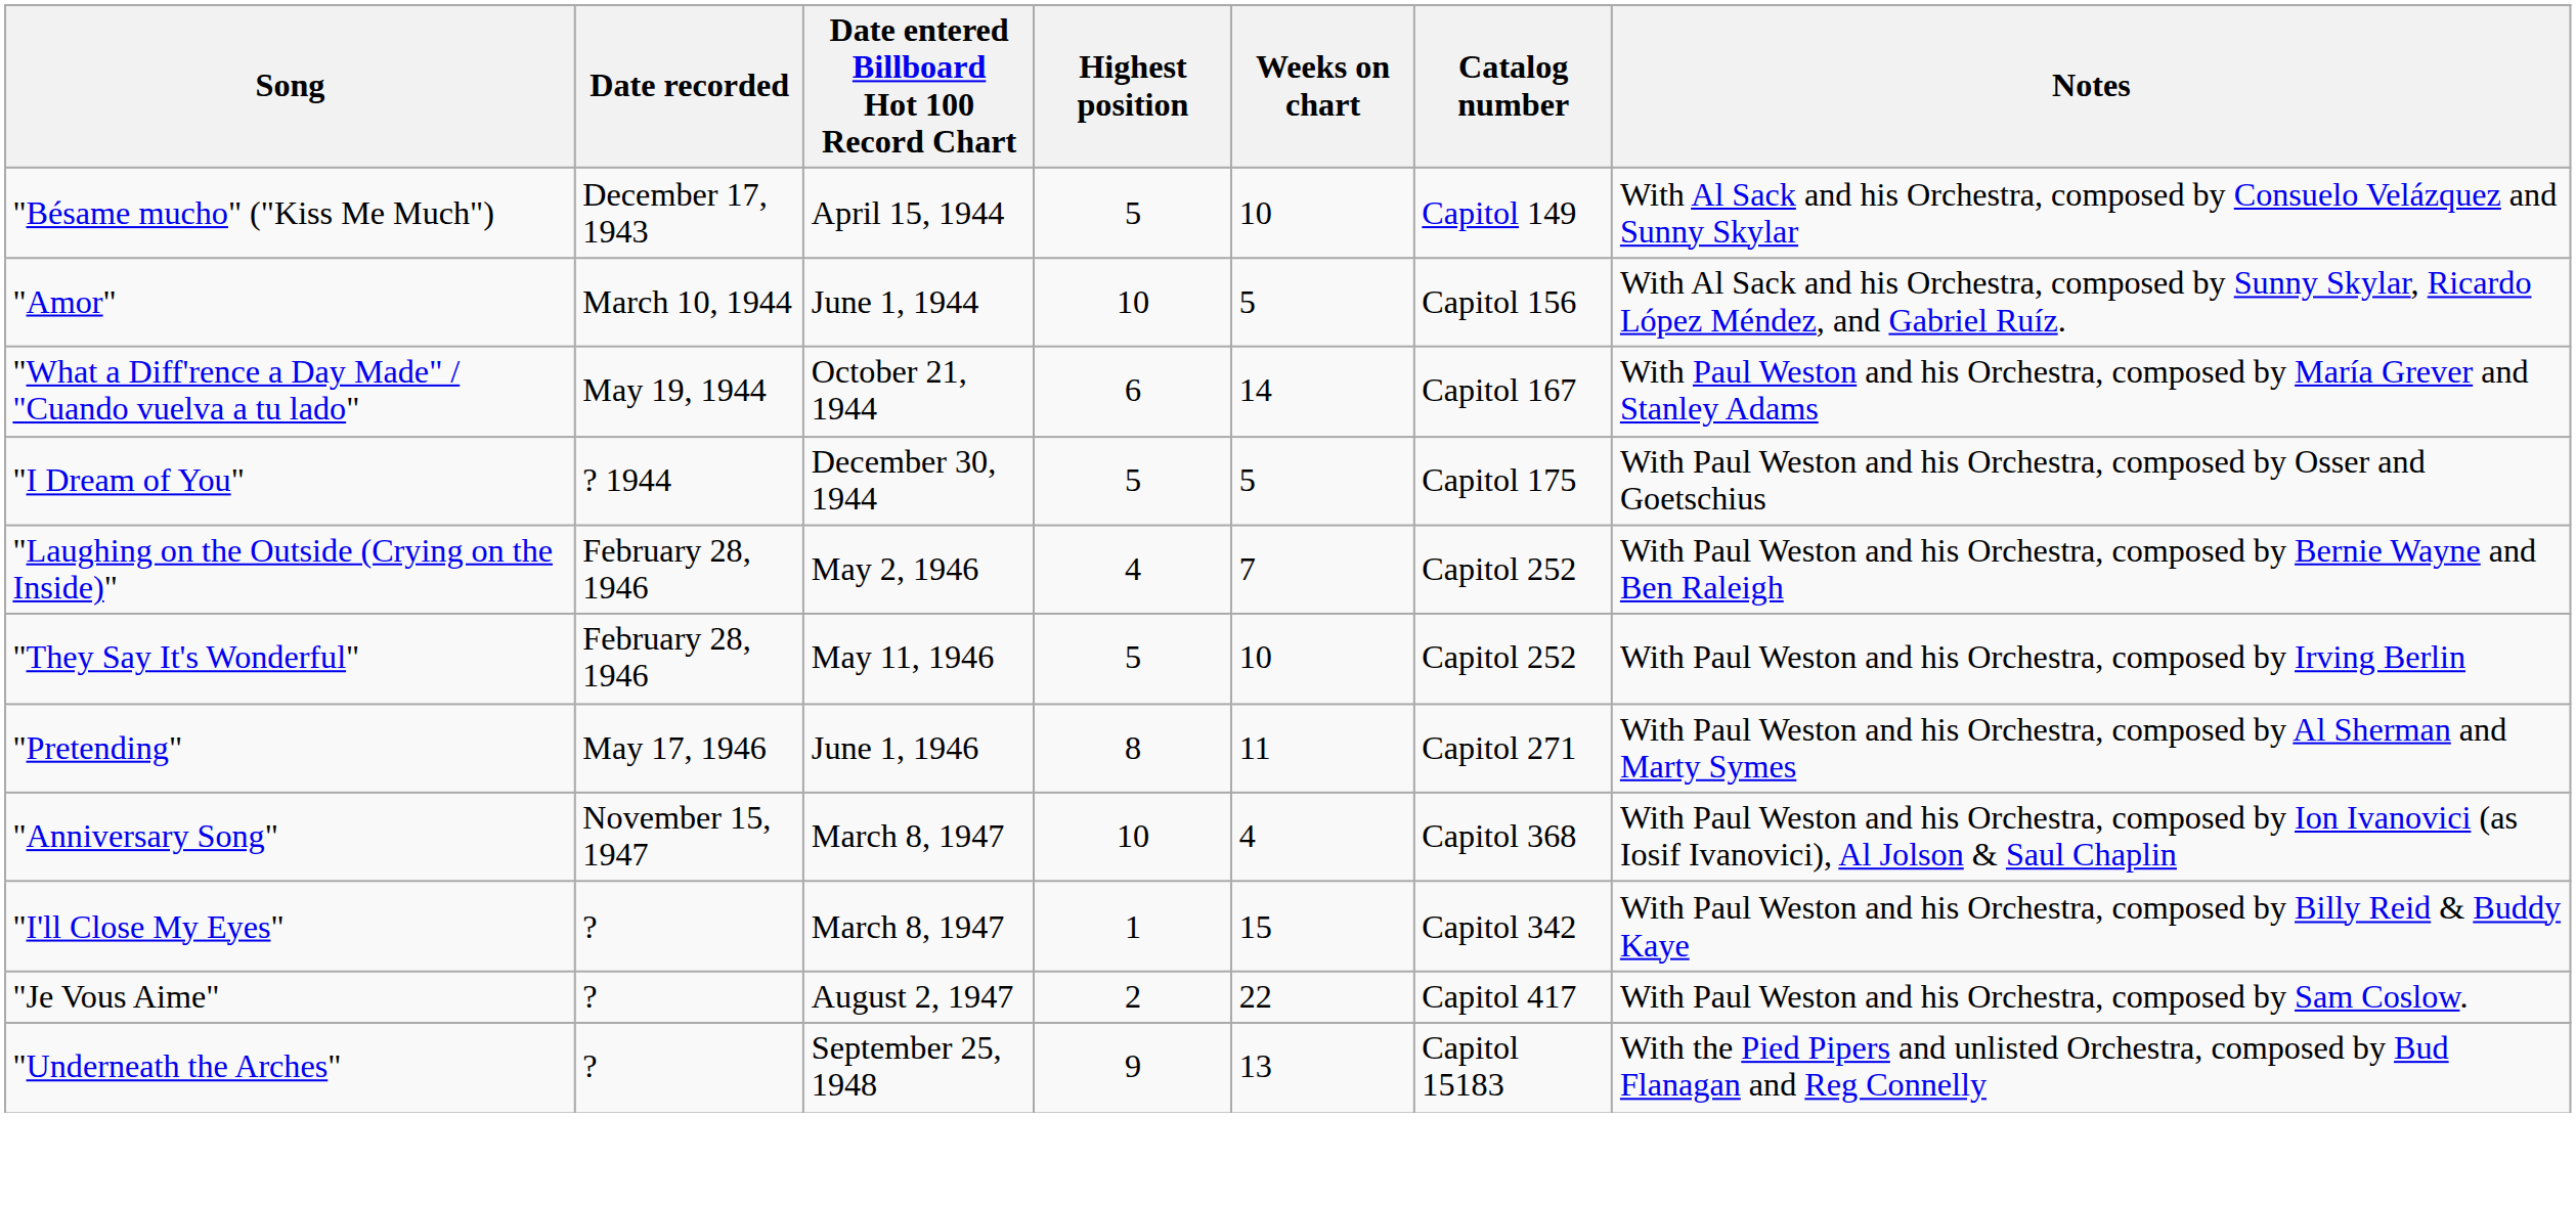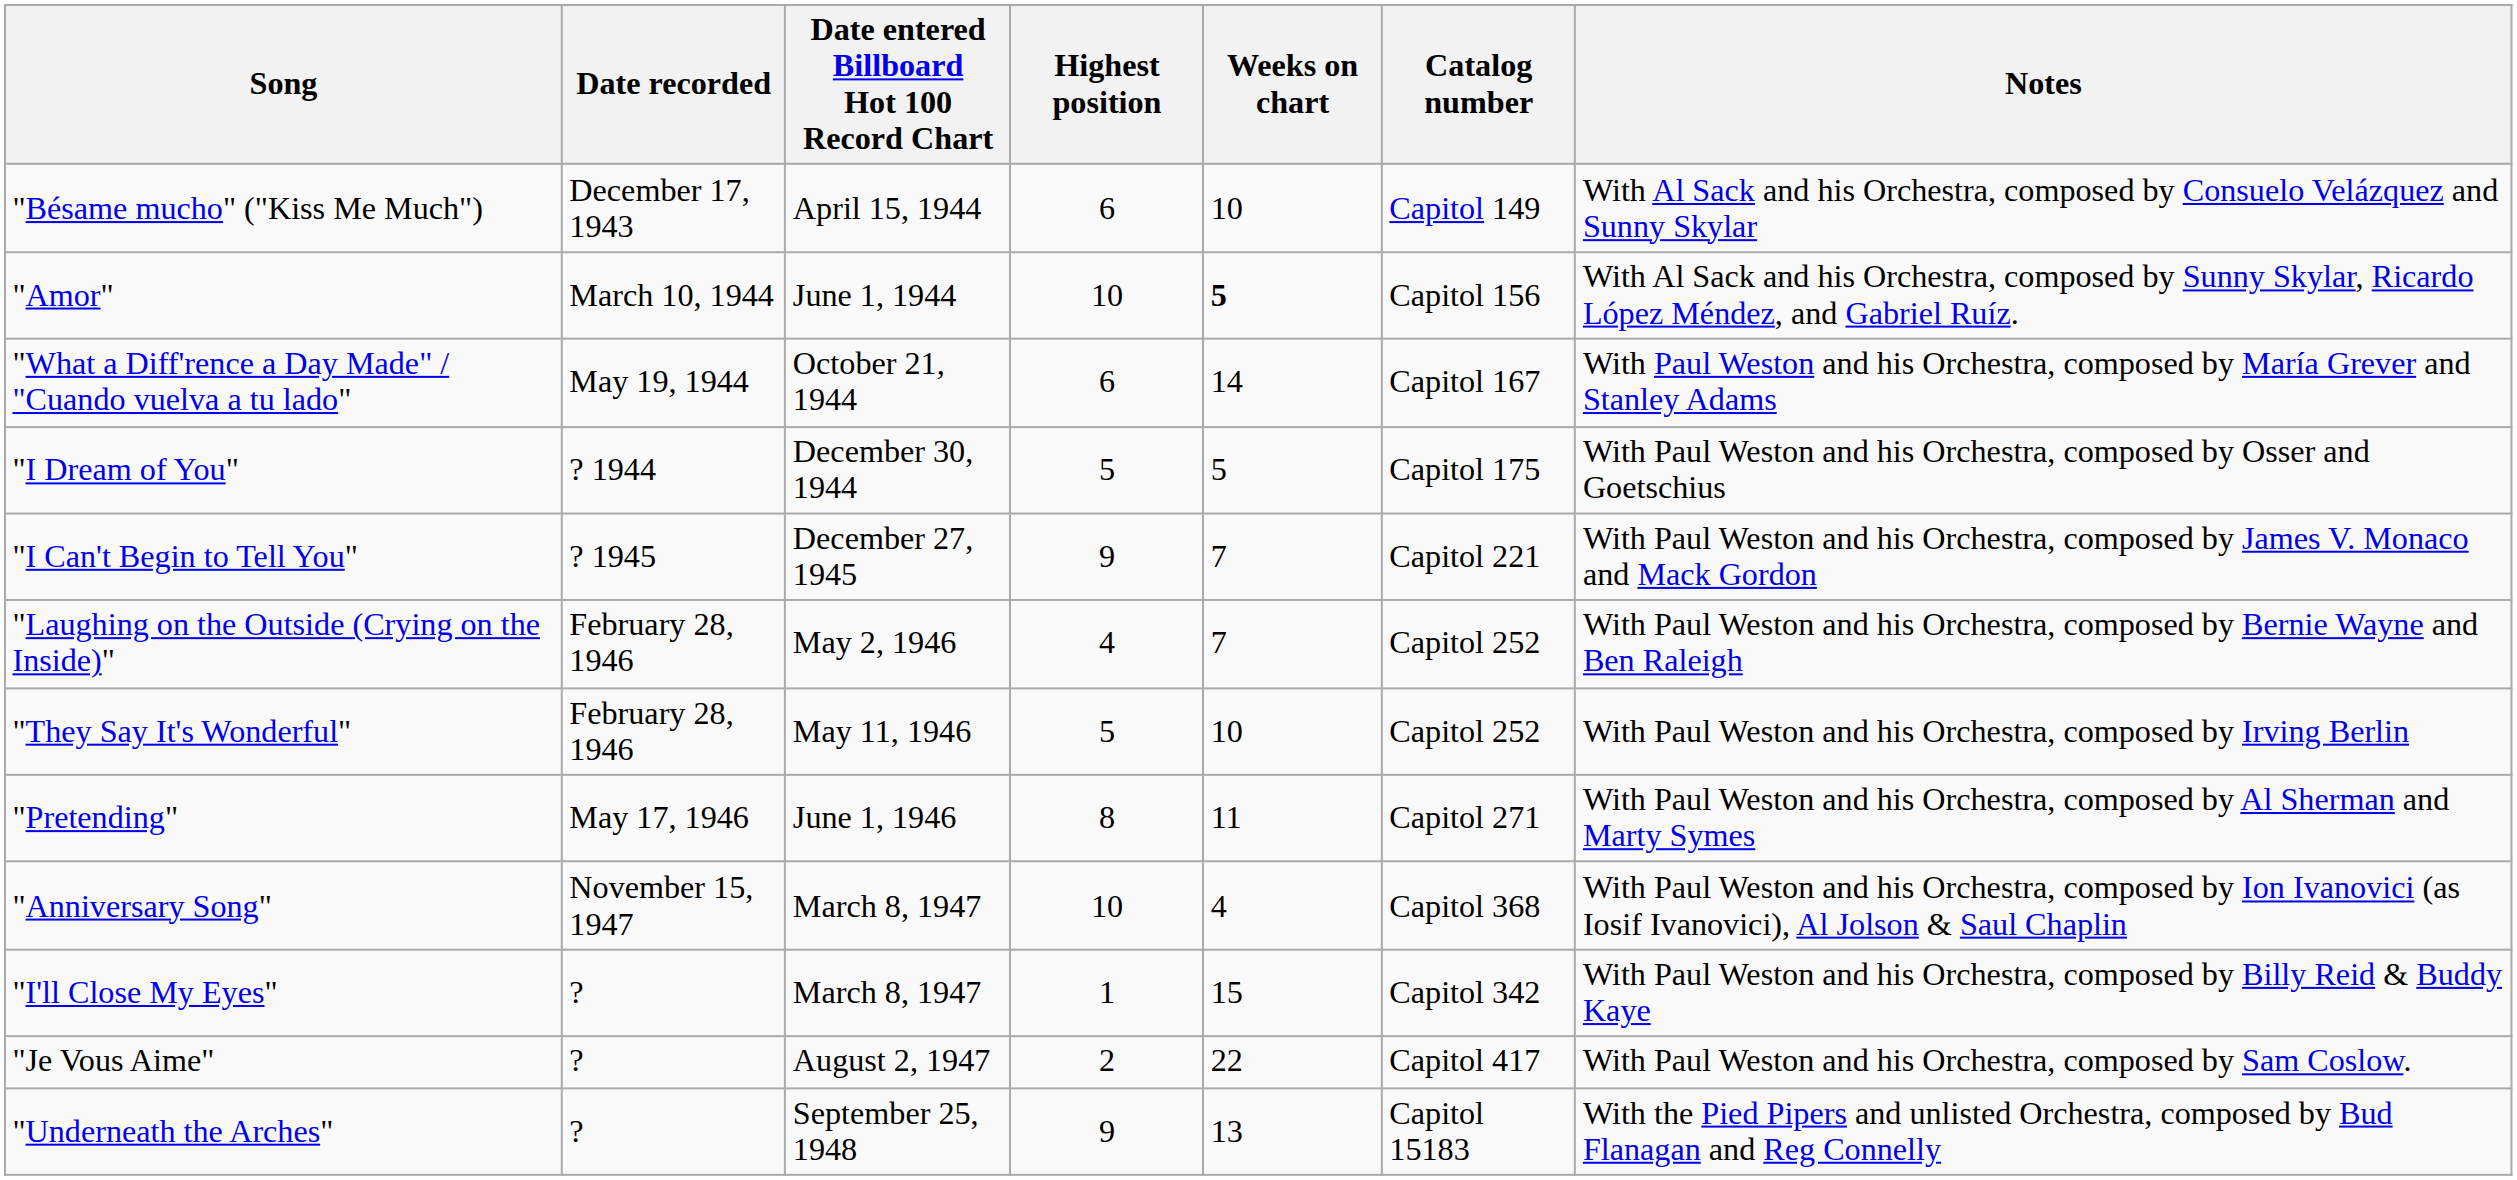 <table class="wikitable">
 <tr>
 <th>Song</th>
 <th>Date recorded</th>
 <th>Date entered<br><a href='#'>Billboard</a> <br>Hot 100 <br>Record Chart</th>
 <th>Highest position</th>
 <th>Weeks on chart</th>
 <th>Catalog number</th>
 <th>Notes</th>
 </tr>
 <tr>
 <td>"<a href='#'>Bésame mucho</a>" ("Kiss Me Much")</td>
 <td>December 17, 1943</td>
 <td>April 15, 1944</td>
-<td style="text-align:center;">5</td>
+<td style="text-align:center;">6</td>
 <td>10</td>
 <td><a href='#'>Capitol</a> 149</td>
 <td>With <a href='#'>Al Sack</a> and his Orchestra, composed by <a href='#'>Consuelo Velázquez</a> and <a href='#'>Sunny Skylar</a></td>
 </tr>
 <tr>
 <td>"<a href='#'>Amor</a>"</td>
 <td>March 10, 1944</td>
 <td>June 1, 1944</td>
 <td style="text-align:center;">10</td>
-<td>5</td>
+<td><strong>5</strong></td>
 <td>Capitol 156</td>
 <td>With Al Sack and his Orchestra, composed by <a href='#'>Sunny Skylar</a>, <a href='#'>Ricardo López Méndez</a>, and <a href='#'>Gabriel Ruíz</a>.</td>
 </tr>
 <tr>
 <td>"<a href='#'>What a Diff'rence a Day Made" / "Cuando vuelva a tu lado</a>"</td>
 <td>May 19, 1944</td>
 <td>October 21, 1944</td>
 <td style="text-align:center;">6</td>
 <td>14</td>
 <td>Capitol 167</td>
 <td>With <a href='#'>Paul Weston</a> and his Orchestra, composed by <a href='#'>María Grever</a> and <a href='#'>Stanley Adams</a></td>
 </tr>
 <tr>
 <td>"<a href='#'>I Dream of You</a>"</td>
 <td>? 1944</td>
 <td>December 30, 1944</td>
 <td style="text-align:center;">5</td>
 <td>5</td>
 <td>Capitol 175</td>
 <td>With Paul Weston and his Orchestra, composed by Osser and Goetschius</td>
+</tr>
+<tr>
+<td>"<a href='#'>I Can't Begin to Tell You</a>"</td>
+<td>? 1945</td>
+<td>December 27, 1945</td>
+<td style="text-align:center;">9</td>
+<td>7</td>
+<td>Capitol 221</td>
+<td>With Paul Weston and his Orchestra, composed by <a href='#'>James V. Monaco</a> and <a href='#'>Mack Gordon</a></td>
 </tr>
 <tr>
 <td>"<a href='#'>Laughing on the Outside (Crying on the Inside)</a>"</td>
 <td>February 28, 1946</td>
 <td>May 2, 1946</td>
 <td style="text-align:center;">4</td>
 <td>7</td>
 <td>Capitol 252</td>
 <td>With Paul Weston and his Orchestra, composed by <a href='#'>Bernie Wayne</a> and <a href='#'>Ben Raleigh</a></td>
 </tr>
 <tr>
 <td>"<a href='#'>They Say It's Wonderful</a>"</td>
 <td>February 28, 1946</td>
 <td>May 11, 1946</td>
 <td style="text-align:center;">5</td>
 <td>10</td>
 <td>Capitol 252</td>
 <td>With Paul Weston and his Orchestra, composed by <a href='#'>Irving Berlin</a></td>
 </tr>
 <tr>
 <td>"<a href='#'>Pretending</a>"</td>
 <td>May 17, 1946</td>
 <td>June 1, 1946</td>
 <td style="text-align:center;">8</td>
 <td>11</td>
 <td>Capitol 271</td>
 <td>With Paul Weston and his Orchestra, composed by <a href='#'>Al Sherman</a> and <a href='#'>Marty Symes</a></td>
 </tr>
 <tr>
 <td>"<a href='#'>Anniversary Song</a>"</td>
 <td>November 15, 1947</td>
 <td>March 8, 1947</td>
 <td style="text-align:center;">10</td>
 <td>4</td>
 <td>Capitol 368</td>
 <td>With Paul Weston and his Orchestra, composed by <a href='#'>Ion Ivanovici</a> (as Iosif Ivanovici), <a href='#'>Al Jolson</a> & <a href='#'>Saul Chaplin</a></td>
 </tr>
 <tr>
 <td>"<a href='#'>I'll Close My Eyes</a>"</td>
 <td>?</td>
 <td>March 8, 1947</td>
 <td style="text-align:center;">1</td>
 <td>15</td>
 <td>Capitol 342</td>
 <td>With Paul Weston and his Orchestra, composed by <a href='#'>Billy Reid</a> & <a href='#'>Buddy Kaye</a></td>
 </tr>
 <tr>
 <td>"Je Vous Aime"</td>
 <td>?</td>
 <td>August 2, 1947</td>
 <td style="text-align:center;">2</td>
 <td>22</td>
 <td>Capitol 417</td>
 <td>With Paul Weston and his Orchestra, composed by <a href='#'>Sam Coslow</a>.</td>
 </tr>
 <tr>
 <td>"<a href='#'>Underneath the Arches</a>"</td>
 <td>?</td>
 <td>September 25, 1948</td>
 <td style="text-align:center;">9</td>
 <td>13</td>
 <td>Capitol 15183</td>
 <td>With the <a href='#'>Pied Pipers</a> and unlisted Orchestra, composed by <a href='#'>Bud Flanagan</a> and <a href='#'>Reg Connelly</a></td>
 </tr>
 </table>
